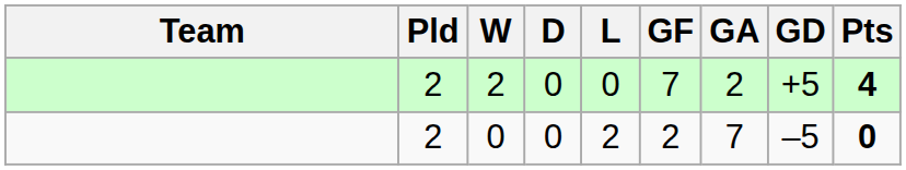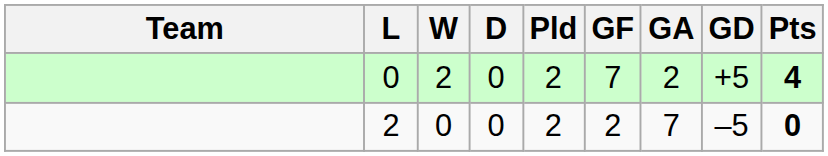 <table class="wikitable" style="text-align:center;">
 <tr>
 <th width=180>Team</th>
-<th width=20>Pld</th>
+<th width=20>L</th>
 <th width=20>W</th>
 <th width=20>D</th>
-<th width=20>L</th>
+<th width=20>Pld</th>
 <th width=20>GF</th>
 <th width=20>GA</th>
 <th width=20>GD</th>
 <th width=20>Pts</th>
 </tr>
 <tr bgcolor="ccffcc">
 <td align="left"></td>
-<td>2</td>
+<td>0</td>
 <td>2</td>
 <td>0</td>
-<td>0</td>
+<td>2</td>
 <td>7</td>
 <td>2</td>
 <td>+5</td>
 <td><strong>4</strong></td>
 </tr>
 <tr>
 <td align="left"></td>
 <td>2</td>
 <td>0</td>
 <td>0</td>
 <td>2</td>
 <td>2</td>
 <td>7</td>
 <td>–5</td>
 <td><strong>0</strong></td>
 </tr>
 </table>
